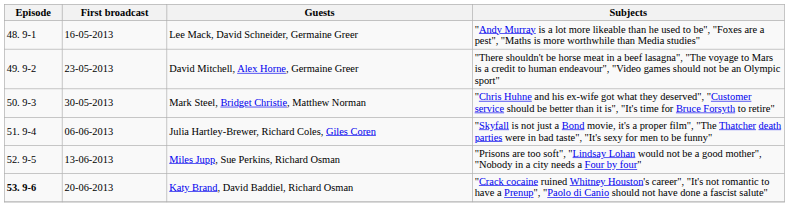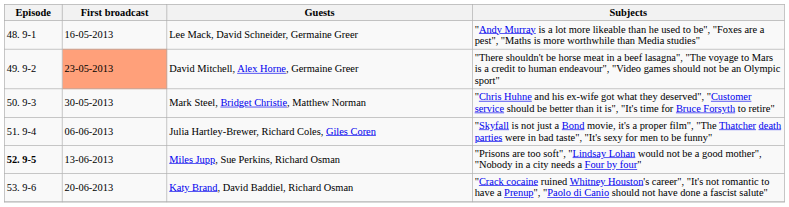 <table class="wikitable" style="width:95%;">
 <tr bgcolor="#cccccc">
 <th>Episode</th>
 <th>First broadcast</th>
 <th>Guests</th>
 <th style="width:40%;">Subjects</th>
 </tr>
 <tr>
 <td>48. 9-1</td>
 <td>16-05-2013</td>
 <td>Lee Mack, David Schneider, Germaine Greer</td>
 <td>"<a href='#'>Andy Murray</a> is a lot more likeable than he used to be", "Foxes are a pest", "Maths is more worthwhile than Media studies"</td>
 </tr>
 <tr>
 <td>49. 9-2</td>
-<td>23-05-2013</td>
+<td style="background: lightsalmon;">23-05-2013</td>
 <td>David Mitchell, <a href='#'>Alex Horne</a>, Germaine Greer</td>
 <td>"There shouldn't be horse meat in a beef lasagna", "The voyage to Mars is a credit to human endeavour", "Video games should not be an Olympic sport"</td>
 </tr>
 <tr>
 <td>50. 9-3</td>
 <td>30-05-2013</td>
 <td>Mark Steel, <a href='#'>Bridget Christie</a>, Matthew Norman</td>
 <td>"<a href='#'>Chris Huhne</a> and his ex-wife got what they deserved", "<a href='#'>Customer service</a> should be better than it is", "It's time for <a href='#'>Bruce Forsyth</a> to retire"</td>
 </tr>
 <tr>
 <td>51. 9-4</td>
 <td>06-06-2013</td>
 <td>Julia Hartley-Brewer, Richard Coles, <a href='#'>Giles Coren</a></td>
 <td>"<a href='#'>Skyfall</a> is not just a <a href='#'>Bond</a> movie, it's a proper film", "The <a href='#'>Thatcher</a> <a href='#'>death parties</a> were in bad taste", "It's sexy for men to be funny"</td>
 </tr>
 <tr>
-<td>52. 9-5</td>
+<td><strong>52. 9-5</strong></td>
 <td>13-06-2013</td>
 <td><a href='#'>Miles Jupp</a>, Sue Perkins, Richard Osman</td>
 <td>"Prisons are too soft", "<a href='#'>Lindsay Lohan</a> would not be a good mother", "Nobody in a city needs a <a href='#'>Four by four</a>"</td>
 </tr>
 <tr>
-<td><strong>53. 9-6</strong></td>
+<td>53. 9-6</td>
 <td>20-06-2013</td>
 <td><a href='#'>Katy Brand</a>, David Baddiel, Richard Osman</td>
 <td>"<a href='#'>Crack cocaine</a> ruined <a href='#'>Whitney Houston</a>'s career", "It's not romantic to have a <a href='#'>Prenup</a>", "<a href='#'>Paolo di Canio</a> should not have done a fascist salute"</td>
 </tr>
 <tr>
 </tr>
 </table>
